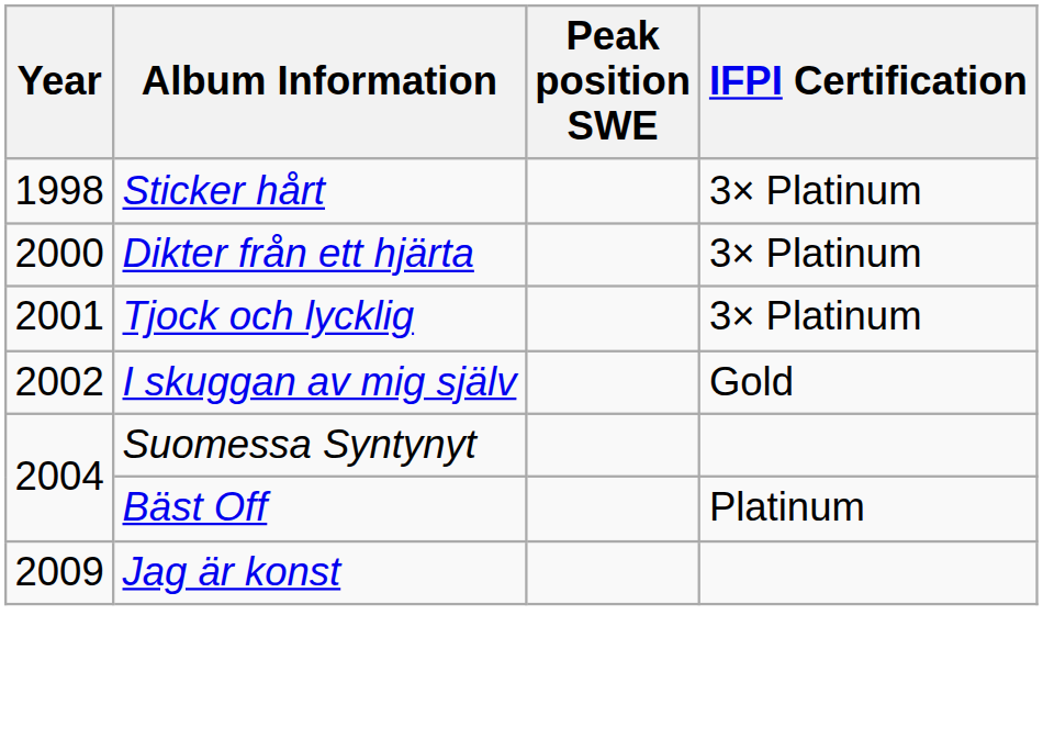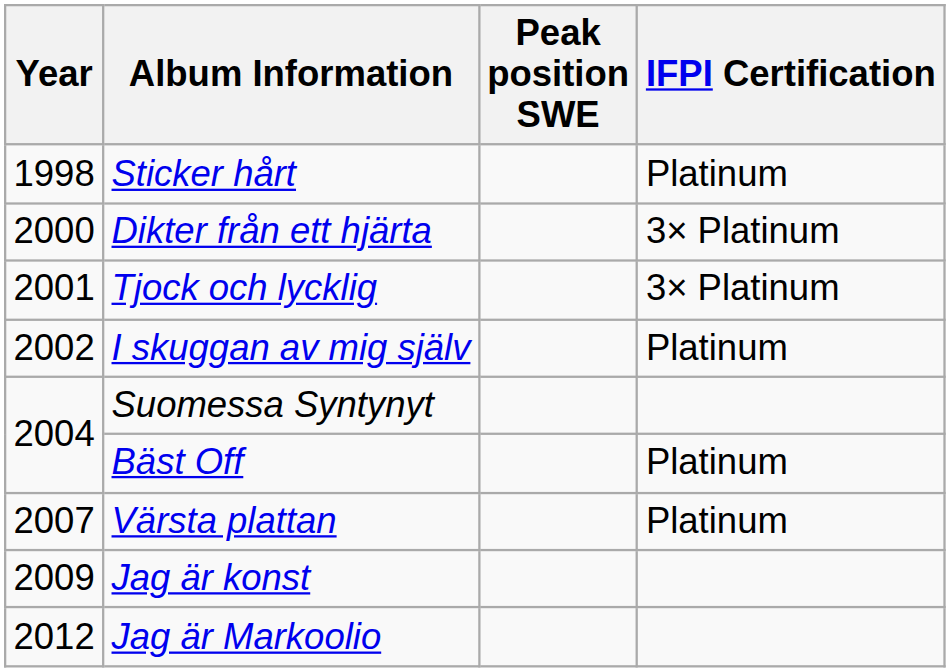 <table class="wikitable">
 <tr>
 <th>Year</th>
 <th align="left">Album Information</th>
 <th>Peak<br>position<br>SWE</th>
 <th><a href='#'>IFPI</a> Certification</th>
 </tr>
 <tr>
 <td>1998</td>
 <td align="left"><em><a href='#'>Sticker hårt</a></em></td>
 <td></td>
-<td>3× Platinum</td>
+<td>Platinum</td>
 </tr>
 <tr>
 <td>2000</td>
 <td align="left"><em><a href='#'>Dikter från ett hjärta</a></em></td>
 <td></td>
 <td>3× Platinum</td>
 </tr>
 <tr>
 <td>2001</td>
 <td align="left"><em><a href='#'>Tjock och lycklig</a></em></td>
 <td></td>
 <td>3× Platinum</td>
 </tr>
 <tr>
 <td>2002</td>
 <td align="left"><em><a href='#'>I skuggan av mig själv</a></em></td>
 <td></td>
-<td>Gold</td>
+<td>Platinum</td>
 </tr>
 <tr>
 <td rowspan=2>2004</td>
 <td align="left"><em>Suomessa Syntynyt</em></td>
 <td></td>
 <td></td>
 </tr>
 <tr>
 <td align="left"><em><a href='#'>Bäst Off</a></em></td>
 <td></td>
 <td>Platinum</td>
 </tr>
 <tr>
+<td>2007</td>
+<td align="left"><em><a href='#'>Värsta plattan</a></em></td>
+<td></td>
+<td>Platinum</td>
+</tr>
+<tr>
 <td>2009</td>
 <td align="left"><em><a href='#'>Jag är konst</a></em></td>
 <td></td>
 <td></td>
 </tr>
+<tr>
+<td>2012</td>
+<td align="left"><em><a href='#'>Jag är Markoolio</a></em></td>
+<td></td>
+<td></td>
+</tr>
 </table>
